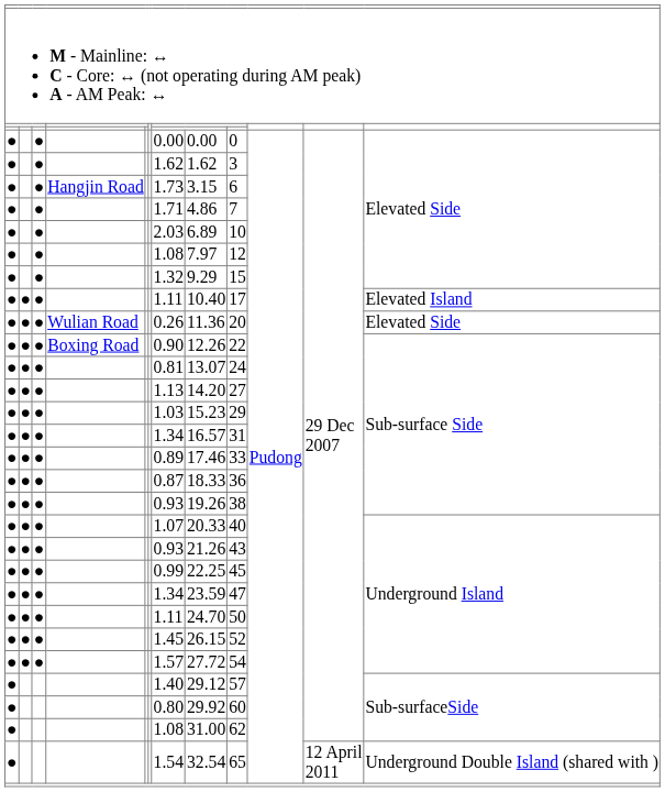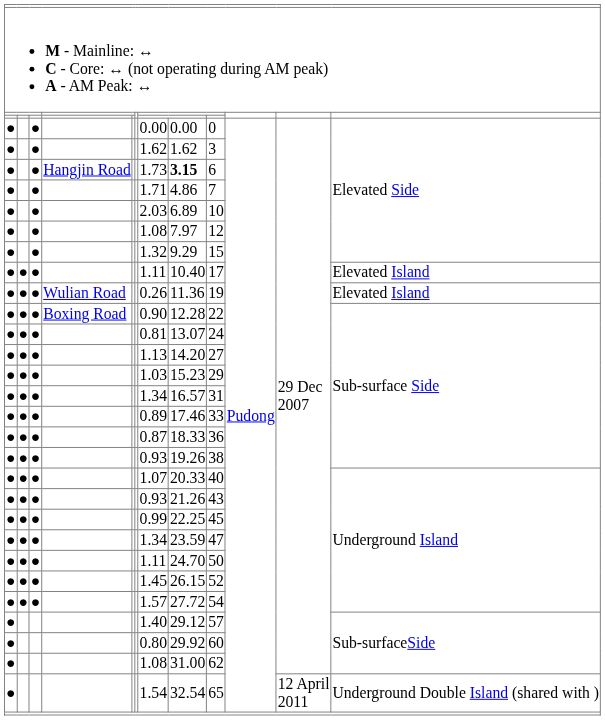 <table border=1 style="border-collapse: collapse;" class="mw-collapsible">
 <tr>
 <th colspan="12" style="text-align: center"></th>
 </tr>
 <tr>
 <td colspan="12" style="text-align: left"><br><ul><li><strong>M</strong> - Mainline:  ↔ </li><li><strong>C</strong> - Core:  ↔  (not operating during AM peak)</li><li><strong>A</strong> - AM Peak:  ↔ </li></ul></td>
 </tr>
 <tr>
 <th rowspan="1" colspan="3"></th>
 <th colspan="2"></th>
 <th rowspan="2"></th>
 <th colspan="3" rowspan="1"></th>
 <th rowspan="2"></th>
 <th rowspan="2"></th>
 <th rowspan="2"></th>
 </tr>
 <tr>
 <th rowspan="1"></th>
 <th rowspan="1"></th>
 <th rowspan="1"></th>
 <th></th>
 <th></th>
 <th colspan="2"></th>
 <th></th>
 </tr>
 <tr>
 <td align="center">●</td>
 <td align="center"></td>
 <td align="center">●</td>
 <td></td>
 <td></td>
 <td></td>
 <td>0.00</td>
 <td>0.00</td>
 <td>0</td>
 <td rowspan=28><a href='#'>Pudong</a></td>
 <td rowspan=27>29 Dec<br> 2007</td>
 <td rowspan=7>Elevated <a href='#'>Side</a></td>
 </tr>
 <tr>
 <td align="center">●</td>
 <td align="center"></td>
 <td align="center">●</td>
 <td></td>
 <td></td>
 <td></td>
 <td>1.62</td>
 <td>1.62</td>
 <td>3</td>
 </tr>
 <tr>
 <td align="center">●</td>
 <td align="center"></td>
 <td align="center">●</td>
 <td><a href='#'>Hangjin Road</a></td>
 <td></td>
 <td></td>
 <td>1.73</td>
-<td>3.15</td>
+<td><strong>3.15</strong></td>
 <td>6</td>
 </tr>
 <tr>
 <td align="center">●</td>
 <td align="center"></td>
 <td align="center">●</td>
 <td></td>
 <td></td>
 <td></td>
 <td>1.71</td>
 <td>4.86</td>
 <td>7</td>
 </tr>
 <tr>
 <td align="center">●</td>
 <td align="center"></td>
 <td align="center">●</td>
 <td></td>
 <td></td>
 <td></td>
 <td>2.03</td>
 <td>6.89</td>
 <td>10</td>
 </tr>
 <tr>
 <td align="center">●</td>
 <td align="center"></td>
 <td align="center">●</td>
 <td></td>
 <td></td>
 <td></td>
 <td>1.08</td>
 <td>7.97</td>
 <td>12</td>
 </tr>
 <tr>
 <td align="center">●</td>
 <td align="center"></td>
 <td align="center">●</td>
 <td></td>
 <td></td>
 <td></td>
 <td>1.32</td>
 <td>9.29</td>
 <td>15</td>
 </tr>
 <tr>
 <td align="center">●</td>
 <td align="center">●</td>
 <td align="center">●</td>
 <td></td>
 <td></td>
 <td></td>
 <td>1.11</td>
 <td>10.40</td>
 <td>17</td>
 <td>Elevated <a href='#'>Island</a></td>
 </tr>
 <tr>
 <td align="center">●</td>
 <td align="center">●</td>
 <td align="center">●</td>
 <td><a href='#'>Wulian Road</a></td>
 <td></td>
 <td></td>
 <td>0.26</td>
 <td>11.36</td>
-<td>20</td>
-<td>Elevated <a href='#'>Side</a></td>
+<td>19</td>
+<td>Elevated <a href='#'>Island</a></td>
 </tr>
 <tr>
 <td align="center">●</td>
 <td align="center">●</td>
 <td align="center">●</td>
 <td><a href='#'>Boxing Road</a></td>
 <td></td>
 <td></td>
 <td>0.90</td>
-<td>12.26</td>
+<td>12.28</td>
 <td>22</td>
 <td rowspan=8>Sub-surface <a href='#'>Side</a></td>
 </tr>
 <tr>
 <td align="center">●</td>
 <td align="center">●</td>
 <td align="center">●</td>
 <td></td>
 <td></td>
 <td></td>
 <td>0.81</td>
 <td>13.07</td>
 <td>24</td>
 </tr>
 <tr>
 <td align="center">●</td>
 <td align="center">●</td>
 <td align="center">●</td>
 <td></td>
 <td></td>
 <td></td>
 <td>1.13</td>
 <td>14.20</td>
 <td>27</td>
 </tr>
 <tr>
 <td align="center">●</td>
 <td align="center">●</td>
 <td align="center">●</td>
 <td></td>
 <td></td>
 <td></td>
 <td>1.03</td>
 <td>15.23</td>
 <td>29</td>
 </tr>
 <tr>
 <td align="center">●</td>
 <td align="center">●</td>
 <td align="center">●</td>
 <td></td>
 <td></td>
 <td></td>
 <td>1.34</td>
 <td>16.57</td>
 <td>31</td>
 </tr>
 <tr>
 <td align="center">●</td>
 <td align="center">●</td>
 <td align="center">●</td>
 <td></td>
 <td></td>
 <td></td>
 <td>0.89</td>
 <td>17.46</td>
 <td>33</td>
 </tr>
 <tr>
 <td align="center">●</td>
 <td align="center">●</td>
 <td align="center">●</td>
 <td></td>
 <td></td>
 <td></td>
 <td>0.87</td>
 <td>18.33</td>
 <td>36</td>
 </tr>
 <tr>
 <td align="center">●</td>
 <td align="center">●</td>
 <td align="center">●</td>
 <td></td>
 <td></td>
 <td>  </td>
 <td>0.93</td>
 <td>19.26</td>
 <td>38</td>
 </tr>
 <tr>
 <td align="center">●</td>
 <td align="center">●</td>
 <td align="center">●</td>
 <td></td>
 <td></td>
 <td></td>
 <td>1.07</td>
 <td>20.33</td>
 <td>40</td>
 <td rowspan=7>Underground <a href='#'>Island</a></td>
 </tr>
 <tr>
 <td align="center">●</td>
 <td align="center">●</td>
 <td align="center">●</td>
 <td></td>
 <td></td>
 <td></td>
 <td>0.93</td>
 <td>21.26</td>
 <td>43</td>
 </tr>
 <tr>
 <td align="center">●</td>
 <td align="center">●</td>
 <td align="center">●</td>
 <td></td>
 <td></td>
 <td></td>
 <td>0.99</td>
 <td>22.25</td>
 <td>45</td>
 </tr>
 <tr>
 <td align="center">●</td>
 <td align="center">●</td>
 <td align="center">●</td>
 <td></td>
 <td></td>
 <td></td>
 <td>1.34</td>
 <td>23.59</td>
 <td>47</td>
 </tr>
 <tr>
 <td align="center">●</td>
 <td align="center">●</td>
 <td align="center">●</td>
 <td></td>
 <td></td>
 <td></td>
 <td>1.11</td>
 <td>24.70</td>
 <td>50</td>
 </tr>
 <tr>
 <td align="center">●</td>
 <td align="center">●</td>
 <td align="center">●</td>
 <td></td>
 <td></td>
 <td></td>
 <td>1.45</td>
 <td>26.15</td>
 <td>52</td>
 </tr>
 <tr>
 <td align="center">●</td>
 <td align="center">●</td>
 <td align="center">●</td>
 <td></td>
 <td></td>
 <td></td>
 <td>1.57</td>
 <td>27.72</td>
 <td>54</td>
 </tr>
 <tr>
 <td align="center">●</td>
 <td align="center"></td>
 <td align="center"></td>
 <td></td>
 <td></td>
 <td></td>
 <td>1.40</td>
 <td>29.12</td>
 <td>57</td>
 <td rowspan=3>Sub-surface<a href='#'>Side</a></td>
 </tr>
 <tr>
 <td align="center">●</td>
 <td align="center"></td>
 <td align="center"></td>
 <td></td>
 <td></td>
 <td></td>
 <td>0.80</td>
 <td>29.92</td>
 <td>60</td>
 </tr>
 <tr>
 <td align="center">●</td>
 <td align="center"></td>
 <td align="center"></td>
 <td></td>
 <td></td>
 <td></td>
 <td>1.08</td>
 <td>31.00</td>
 <td>62</td>
 </tr>
 <tr>
 <td align="center">●</td>
 <td align="center"></td>
 <td align="center"></td>
 <td></td>
 <td></td>
 <td> </td>
 <td>1.54</td>
 <td>32.54</td>
 <td>65</td>
 <td>12 April<br> 2011</td>
 <td>Underground Double <a href='#'>Island</a> (shared with )</td>
 </tr>
 <tr style="background:#">
 <td colspan = "12"></td>
 </tr>
 </table>
